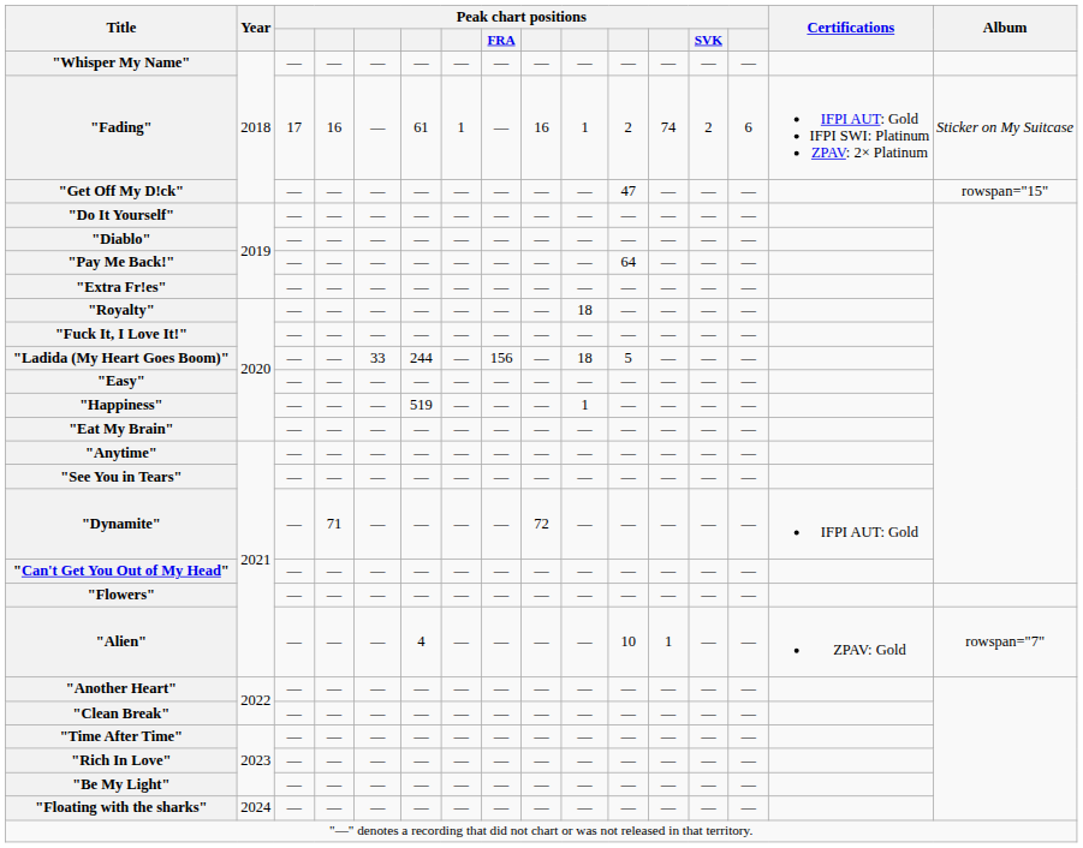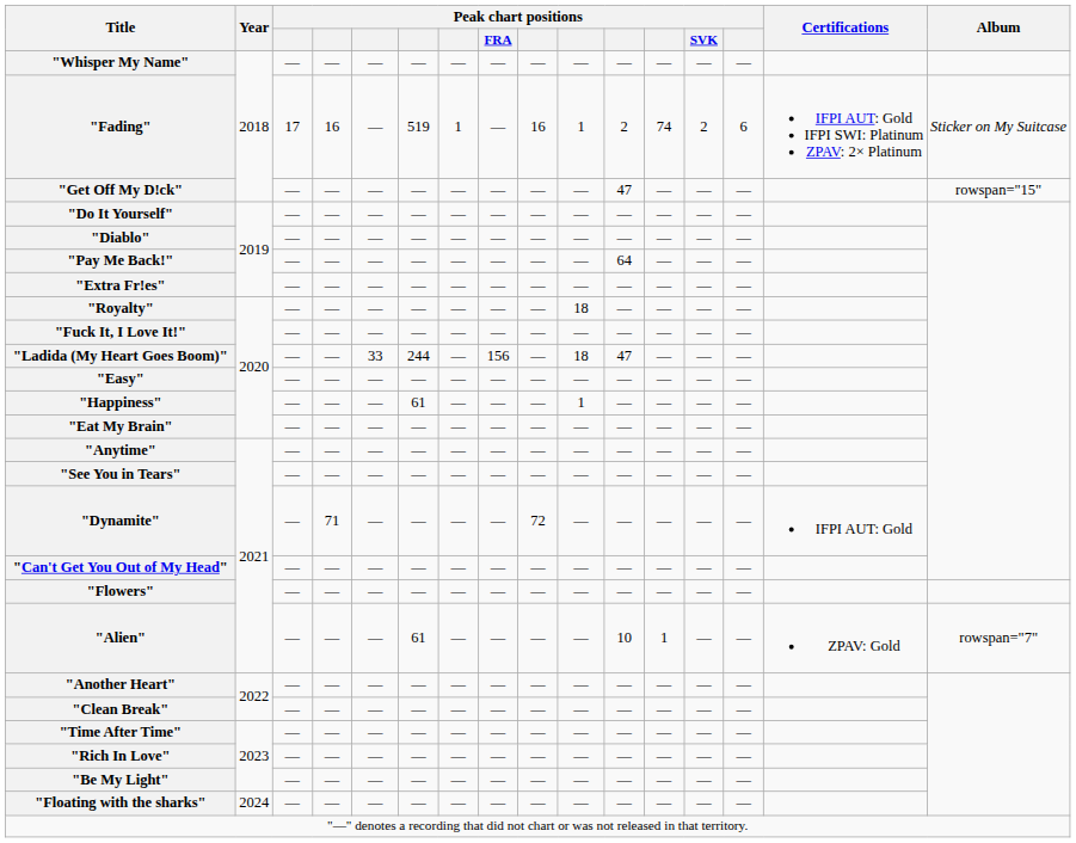 <table class="wikitable plainrowheaders" style="text-align:center;">
 <tr>
 <th scope="col" rowspan="2" style="width:15em;">Title</th>
 <th scope="col" rowspan="2" style="width:2em;">Year</th>
 <th scope="col" colspan="12">Peak chart positions</th>
 <th scope="col" rowspan="2"><a href='#'>Certifications</a></th>
 <th scope="col" rowspan="2">Album</th>
 </tr>
 <tr>
 <th scope="col" style="width:2.5em;font-size:90%;"><a href='#'></a><br></th>
 <th scope="col" style="width:2.5em;font-size:90%;"><a href='#'></a><br></th>
 <th scope="col" style="width:3em;font-size:90%;"><a href='#'></a><br></th>
 <th scope="col" style="width:2.5em;font-size:90%;"><a href='#'></a><br></th>
 <th scope="col" style="width:2.5em;font-size:90%;"><a href='#'></a><br></th>
 <th scope="col" style="width:2.5em;font-size:90%;"><a href='#'>FRA</a><br></th>
 <th scope="col" style="width:2.5em;font-size:90%;"><a href='#'></a><br></th>
 <th scope="col" style="width:3em;font-size:90%;"><a href='#'></a><br></th>
 <th scope="col" style="width:2.5em;font-size:90%;"><a href='#'></a><br></th>
 <th scope="col" style="width:2.5em;font-size:90%;"><a href='#'></a><br></th>
 <th scope="col" style="width:2.5em;font-size:90%;"><a href='#'>SVK</a><br></th>
 <th scope="col" style="width:2.5em;font-size:90%;"><a href='#'></a><br></th>
 </tr>
 <tr>
 <th scope="row">"Whisper My Name"</th>
 <td rowspan="3">2018</td>
 <td>—</td>
 <td>—</td>
 <td>—</td>
 <td>—</td>
 <td>—</td>
 <td>—</td>
 <td>—</td>
 <td>—</td>
 <td>—</td>
 <td>—</td>
 <td>—</td>
 <td>—</td>
 <td></td>
 <td></td>
 </tr>
 <tr>
 <th scope="row">"Fading"<br></th>
 <td>17</td>
 <td>16</td>
 <td>—</td>
-<td>61</td>
+<td>519</td>
 <td>1</td>
 <td>—</td>
 <td>16</td>
 <td>1</td>
 <td>2</td>
 <td>74</td>
 <td>2</td>
 <td>6</td>
 <td><br><ul><li><a href='#'>IFPI AUT</a>: Gold</li><li>IFPI SWI: Platinum</li><li><a href='#'>ZPAV</a>: 2× Platinum</li></ul></td>
 <td><em>Sticker on My Suitcase</em></td>
 </tr>
 <tr>
 <th scope="row">"Get Off My D!ck"</th>
 <td>—</td>
 <td>—</td>
 <td>—</td>
 <td>—</td>
 <td>—</td>
 <td>—</td>
 <td>—</td>
 <td>—</td>
 <td>47</td>
 <td>—</td>
 <td>—</td>
 <td>—</td>
 <td></td>
 <td>rowspan="15" </td>
 </tr>
 <tr>
 <th scope="row">"Do It Yourself"</th>
 <td rowspan="4">2019</td>
 <td>—</td>
 <td>—</td>
 <td>—</td>
 <td>—</td>
 <td>—</td>
 <td>—</td>
 <td>—</td>
 <td>—</td>
 <td>—</td>
 <td>—</td>
 <td>—</td>
 <td>—</td>
 <td></td>
 </tr>
 <tr>
 <th scope="row">"Diablo"<br></th>
 <td>—</td>
 <td>—</td>
 <td>—</td>
 <td>—</td>
 <td>—</td>
 <td>—</td>
 <td>—</td>
 <td>—</td>
 <td>—</td>
 <td>—</td>
 <td>—</td>
 <td>—</td>
 <td></td>
 </tr>
 <tr>
 <th scope="row">"Pay Me Back!"</th>
 <td>—</td>
 <td>—</td>
 <td>—</td>
 <td>—</td>
 <td>—</td>
 <td>—</td>
 <td>—</td>
 <td>—</td>
 <td>64</td>
 <td>—</td>
 <td>—</td>
 <td>—</td>
 <td></td>
 </tr>
 <tr>
 <th scope="row">"Extra Fr!es"</th>
 <td>—</td>
 <td>—</td>
 <td>—</td>
 <td>—</td>
 <td>—</td>
 <td>—</td>
 <td>—</td>
 <td>—</td>
 <td>—</td>
 <td>—</td>
 <td>—</td>
 <td>—</td>
 <td></td>
 </tr>
 <tr>
 <th scope="row">"Royalty"</th>
 <td rowspan="6">2020</td>
 <td>—</td>
 <td>—</td>
 <td>—</td>
 <td>—</td>
 <td>—</td>
 <td>—</td>
 <td>—</td>
 <td>18</td>
 <td>—</td>
 <td>—</td>
 <td>—</td>
 <td>—</td>
 <td></td>
 </tr>
 <tr>
 <th scope="row">"Fuck It, I Love It!"</th>
 <td>—</td>
 <td>—</td>
 <td>—</td>
 <td>—</td>
 <td>—</td>
 <td>—</td>
 <td>—</td>
 <td>—</td>
 <td>—</td>
 <td>—</td>
 <td>—</td>
 <td>—</td>
 <td></td>
 </tr>
 <tr>
 <th scope="row">"Ladida (My Heart Goes Boom)"<br></th>
 <td>—</td>
 <td>—</td>
 <td>33</td>
 <td>244</td>
 <td>—</td>
 <td>156</td>
 <td>—</td>
 <td>18</td>
-<td>5</td>
+<td>47</td>
 <td>—</td>
 <td>—</td>
 <td>—</td>
 <td></td>
 </tr>
 <tr>
 <th scope="row">"Easy"</th>
 <td>—</td>
 <td>—</td>
 <td>—</td>
 <td>—</td>
 <td>—</td>
 <td>—</td>
 <td>—</td>
 <td>—</td>
 <td>—</td>
 <td>—</td>
 <td>—</td>
 <td>—</td>
 <td></td>
 </tr>
 <tr>
 <th scope="row">"Happiness"<br></th>
 <td>—</td>
 <td>—</td>
 <td>—</td>
-<td>519</td>
+<td>61</td>
 <td>—</td>
 <td>—</td>
 <td>—</td>
 <td>1</td>
 <td>—</td>
 <td>—</td>
 <td>—</td>
 <td>—</td>
 <td></td>
 </tr>
 <tr>
 <th scope="row">"Eat My Brain"</th>
 <td>—</td>
 <td>—</td>
 <td>—</td>
 <td>—</td>
 <td>—</td>
 <td>—</td>
 <td>—</td>
 <td>—</td>
 <td>—</td>
 <td>—</td>
 <td>—</td>
 <td>—</td>
 <td></td>
 </tr>
 <tr>
 <th scope="row">"Anytime"<br></th>
 <td rowspan="6">2021</td>
 <td>—</td>
 <td>—</td>
 <td>—</td>
 <td>—</td>
 <td>—</td>
 <td>—</td>
 <td>—</td>
 <td>—</td>
 <td>—</td>
 <td>—</td>
 <td>—</td>
 <td>—</td>
 <td></td>
 </tr>
 <tr>
 <th scope="row">"See You in Tears"<br></th>
 <td>—</td>
 <td>—</td>
 <td>—</td>
 <td>—</td>
 <td>—</td>
 <td>—</td>
 <td>—</td>
 <td>—</td>
 <td>—</td>
 <td>—</td>
 <td>—</td>
 <td>—</td>
 <td></td>
 </tr>
 <tr>
 <th scope="row">"Dynamite"<br></th>
 <td>—</td>
 <td>71</td>
 <td>—</td>
 <td>—</td>
 <td>—</td>
 <td>—</td>
 <td>72</td>
 <td>—</td>
 <td>—</td>
 <td>—</td>
 <td>—</td>
 <td>—</td>
 <td><br><ul><li>IFPI AUT: Gold</li></ul></td>
 </tr>
 <tr>
 <th scope="row">"<a href='#'>Can't Get You Out of My Head</a>"<br></th>
 <td>—</td>
 <td>—</td>
 <td>—</td>
 <td>—</td>
 <td>—</td>
 <td>—</td>
 <td>—</td>
 <td>—</td>
 <td>—</td>
 <td>—</td>
 <td>—</td>
 <td>—</td>
 <td></td>
 </tr>
 <tr>
 <th scope="row">"Flowers"</th>
 <td>—</td>
 <td>—</td>
 <td>—</td>
 <td>—</td>
 <td>—</td>
 <td>—</td>
 <td>—</td>
 <td>—</td>
 <td>—</td>
 <td>—</td>
 <td>—</td>
 <td>—</td>
 <td></td>
 <td></td>
 </tr>
 <tr>
 <th scope="row">"Alien" <br></th>
 <td>—</td>
 <td>—</td>
 <td>—</td>
-<td>4</td>
+<td>61</td>
 <td>—</td>
 <td>—</td>
 <td>—</td>
 <td>—</td>
 <td>10</td>
 <td>1</td>
 <td>—</td>
 <td>—</td>
 <td><br><ul><li>ZPAV: Gold</li></ul></td>
 <td>rowspan="7" </td>
 </tr>
 <tr>
 <th scope="row">"Another Heart"</th>
 <td rowspan="2">2022</td>
 <td>—</td>
 <td>—</td>
 <td>—</td>
 <td>—</td>
 <td>—</td>
 <td>—</td>
 <td>—</td>
 <td>—</td>
 <td>—</td>
 <td>—</td>
 <td>—</td>
 <td>—</td>
 <td></td>
 </tr>
 <tr>
 <th scope="row">"Clean Break"</th>
 <td>—</td>
 <td>—</td>
 <td>—</td>
 <td>—</td>
 <td>—</td>
 <td>—</td>
 <td>—</td>
 <td>—</td>
 <td>—</td>
 <td>—</td>
 <td>—</td>
 <td>—</td>
 <td></td>
 </tr>
 <tr>
 <th scope="row">"Time After Time"</th>
 <td rowspan="3">2023</td>
 <td>—</td>
 <td>—</td>
 <td>—</td>
 <td>—</td>
 <td>—</td>
 <td>—</td>
 <td>—</td>
 <td>—</td>
 <td>—</td>
 <td>—</td>
 <td>—</td>
 <td>—</td>
 <td></td>
 </tr>
 <tr>
 <th scope="row">"Rich In Love"</th>
 <td>—</td>
 <td>—</td>
 <td>—</td>
 <td>—</td>
 <td>—</td>
 <td>—</td>
 <td>—</td>
 <td>—</td>
 <td>—</td>
 <td>—</td>
 <td>—</td>
 <td>—</td>
 <td></td>
 </tr>
 <tr>
 <th scope="row">"Be My Light"</th>
 <td>—</td>
 <td>—</td>
 <td>—</td>
 <td>—</td>
 <td>—</td>
 <td>—</td>
 <td>—</td>
 <td>—</td>
 <td>—</td>
 <td>—</td>
 <td>—</td>
 <td>—</td>
 <td></td>
 </tr>
 <tr>
 <th scope="row">"Floating with the sharks"</th>
 <td rowspan="1">2024</td>
 <td>—</td>
 <td>—</td>
 <td>—</td>
 <td>—</td>
 <td>—</td>
 <td>—</td>
 <td>—</td>
 <td>—</td>
 <td>—</td>
 <td>—</td>
 <td>—</td>
 <td>—</td>
 <td></td>
 </tr>
 <tr>
 <td colspan="19" style="font-size:90%">"—" denotes a recording that did not chart or was not released in that territory.</td>
 </tr>
 </table>
